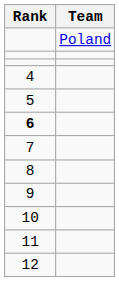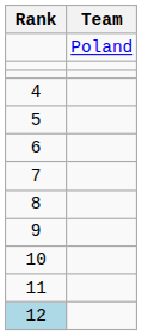 <table class="wikitable" style="text-align: center;">
 <tr>
 <th width=40>Rank</th>
 <th>Team</th>
 </tr>
 <tr align=center>
 <td></td>
 <td style="text-align:left;"> <a href='#'>Poland</a></td>
 </tr>
 <tr align=center>
 <td></td>
 <td style="text-align:left;"></td>
 </tr>
 <tr align=center>
 <td></td>
 <td style="text-align:left;"></td>
 </tr>
 <tr align=center>
 <td>4</td>
 <td style="text-align:left;"></td>
 </tr>
 <tr align=center>
 <td>5</td>
 <td style="text-align:left;"></td>
 </tr>
 <tr align=center>
-<td><strong>6</strong></td>
+<td>6</td>
 <td style="text-align:left;"></td>
 </tr>
 <tr align=center>
 <td>7</td>
 <td style="text-align:left;"></td>
 </tr>
 <tr align=center>
 <td>8</td>
 <td style="text-align:left;"></td>
 </tr>
 <tr align=center>
 <td>9</td>
 <td style="text-align:left;"></td>
 </tr>
 <tr align=center>
 <td>10</td>
 <td style="text-align:left;"></td>
 </tr>
 <tr align=center>
 <td>11</td>
 <td style="text-align:left;"></td>
 </tr>
 <tr align=center>
-<td>12</td>
+<td style="background: lightblue;">12</td>
 <td style="text-align:left;"></td>
 </tr>
 </table>
